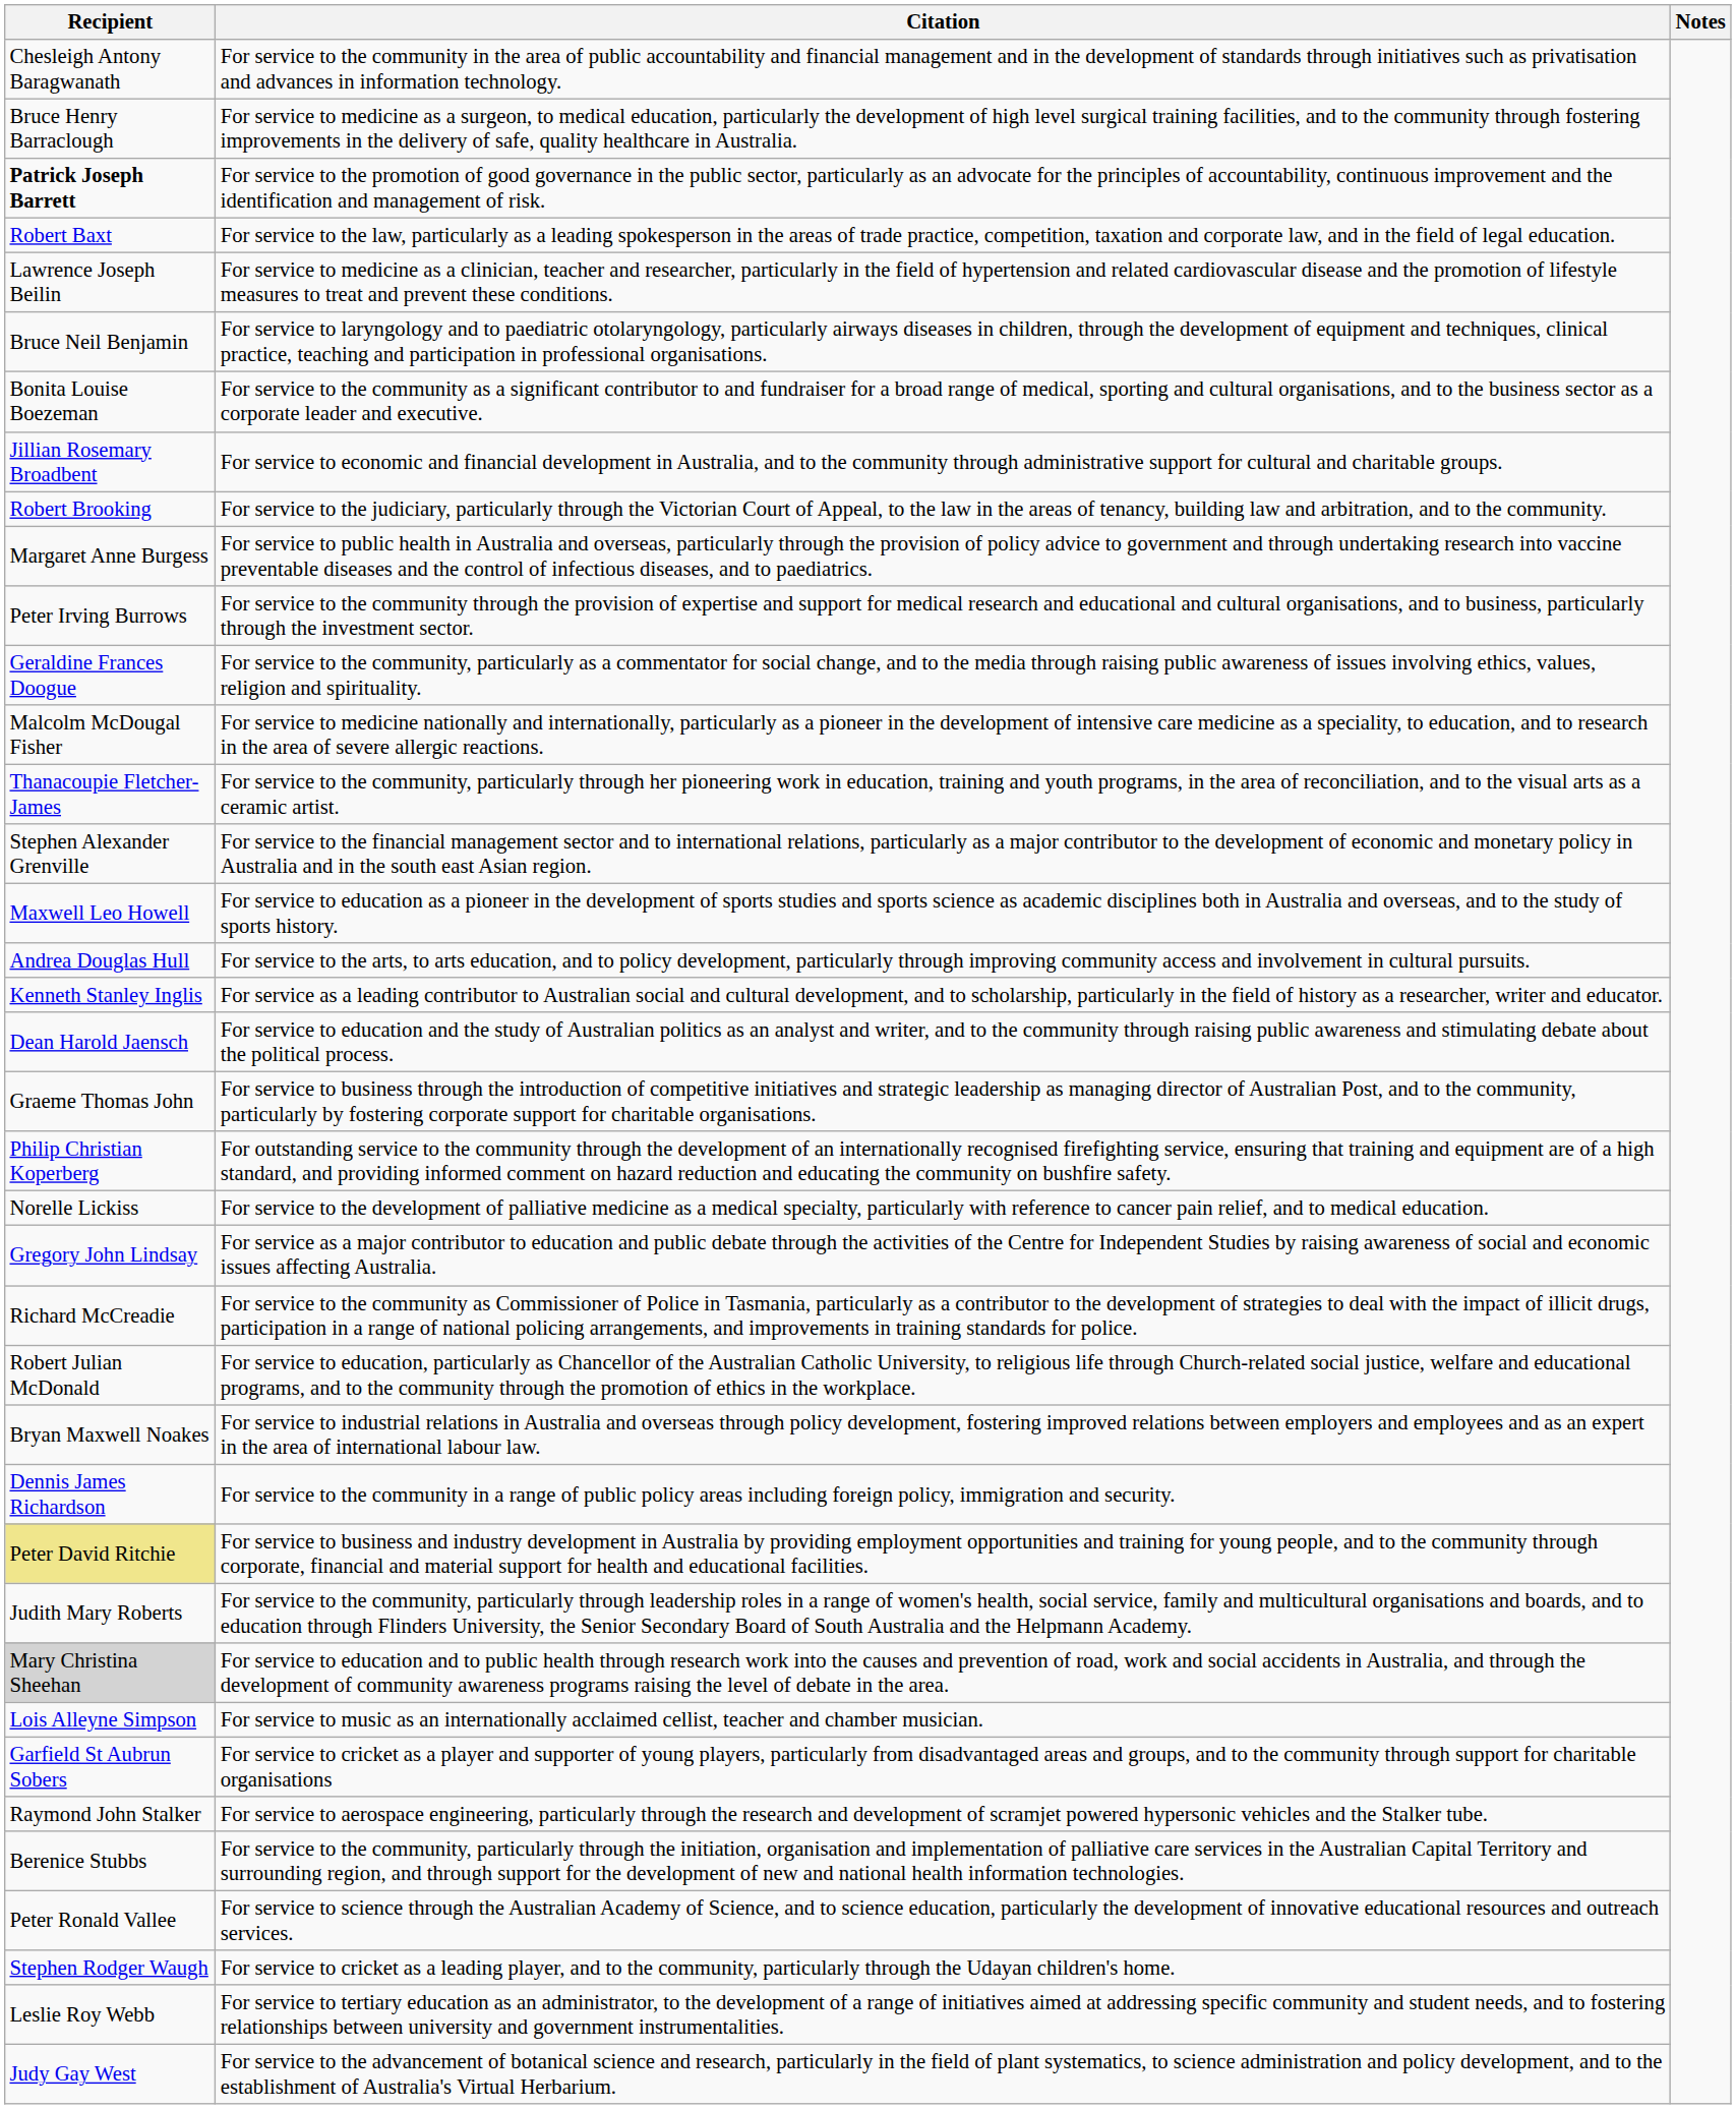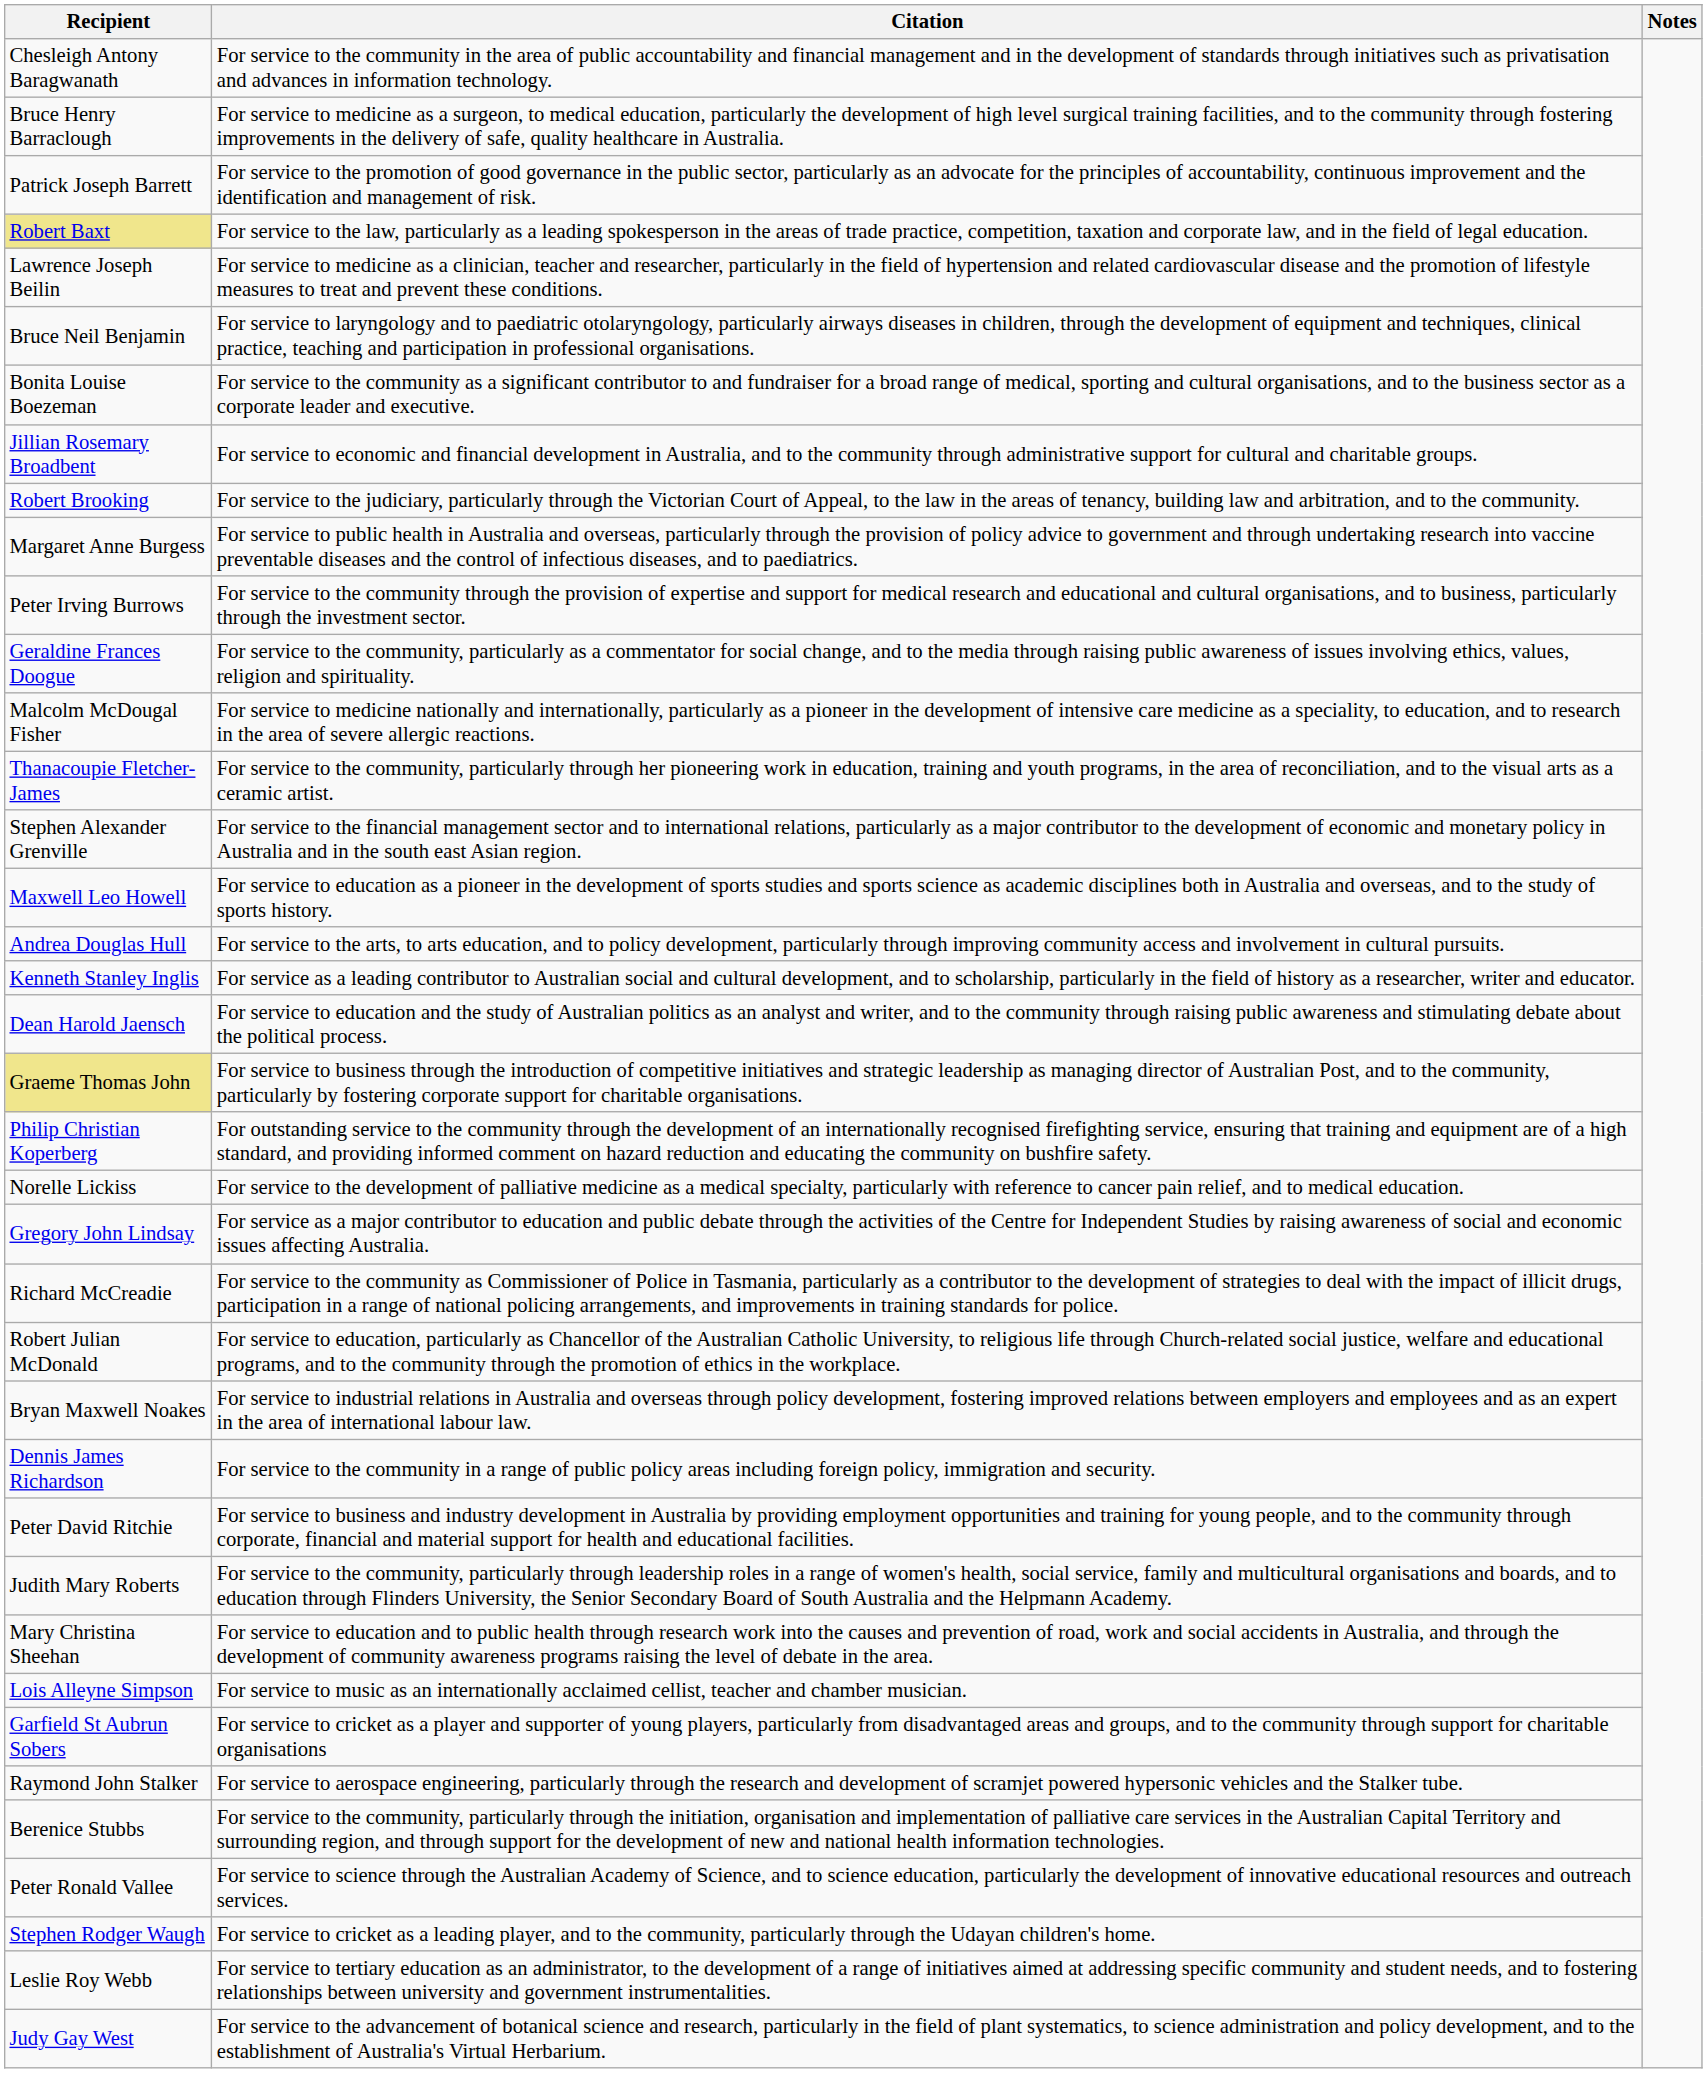 <table class="wikitable" style="font-size:95%;">
 <tr>
 <th>Recipient</th>
 <th>Citation</th>
 <th>Notes</th>
 </tr>
 <tr>
 <td>Chesleigh Antony Baragwanath</td>
 <td>For service to the community in the area of public accountability and financial management and in the development of standards through initiatives such as privatisation and advances in information technology.</td>
 <td rowspan=38></td>
 </tr>
 <tr>
 <td> Bruce Henry Barraclough</td>
 <td>For service to medicine as a surgeon, to medical education, particularly the development of high level surgical training facilities, and to the community through fostering improvements in the delivery of safe, quality healthcare in Australia.</td>
 </tr>
 <tr>
-<td><strong>Patrick Joseph Barrett</strong></td>
+<td>Patrick Joseph Barrett</td>
 <td>For service to the promotion of good governance in the public sector, particularly as an advocate for the principles of accountability, continuous improvement and the identification and management of risk.</td>
 </tr>
 <tr>
-<td> <a href='#'>Robert Baxt</a></td>
+<td style="background: khaki;"> <a href='#'>Robert Baxt</a></td>
 <td>For service to the law, particularly as a leading spokesperson in the areas of trade practice, competition, taxation and corporate law, and in the field of legal education.</td>
 </tr>
 <tr>
 <td> Lawrence Joseph Beilin</td>
 <td>For service to medicine as a clinician, teacher and researcher, particularly in the field of hypertension and related cardiovascular disease and the promotion of lifestyle measures to treat and prevent these conditions.</td>
 </tr>
 <tr>
 <td> Bruce Neil Benjamin</td>
 <td>For service to laryngology and to paediatric otolaryngology, particularly airways diseases in children, through the development of equipment and techniques, clinical practice, teaching and participation in professional organisations.</td>
 </tr>
 <tr>
 <td>Bonita Louise Boezeman</td>
 <td>For service to the community as a significant contributor to and fundraiser for a broad range of medical, sporting and cultural organisations, and to the business sector as a corporate leader and executive.</td>
 </tr>
 <tr>
 <td><a href='#'>Jillian Rosemary Broadbent</a></td>
 <td>For service to economic and financial development in Australia, and to the community through administrative support for cultural and charitable groups.</td>
 </tr>
 <tr>
 <td> <a href='#'>Robert Brooking</a></td>
 <td>For service to the judiciary, particularly through the Victorian Court of Appeal, to the law in the areas of tenancy, building law and arbitration, and to the community.</td>
 </tr>
 <tr>
 <td> Margaret Anne Burgess</td>
 <td>For service to public health in Australia and overseas, particularly through the provision of policy advice to government and through undertaking research into vaccine preventable diseases and the control of infectious diseases, and to paediatrics.</td>
 </tr>
 <tr>
 <td>Peter Irving Burrows</td>
 <td>For service to the community through the provision of expertise and support for medical research and educational and cultural organisations, and to business, particularly through the investment sector.</td>
 </tr>
 <tr>
 <td><a href='#'>Geraldine Frances Doogue</a></td>
 <td>For service to the community, particularly as a commentator for social change, and to the media through raising public awareness of issues involving ethics, values, religion and spirituality.</td>
 </tr>
 <tr>
 <td> Malcolm McDougal Fisher</td>
 <td>For service to medicine nationally and internationally, particularly as a pioneer in the development of intensive care medicine as a speciality, to education, and to research in the area of severe allergic reactions.</td>
 </tr>
 <tr>
 <td> <a href='#'>Thanacoupie Fletcher-James</a></td>
 <td>For service to the community, particularly through her pioneering work in education, training and youth programs, in the area of reconciliation, and to the visual arts as a ceramic artist.</td>
 </tr>
 <tr>
 <td> Stephen Alexander Grenville</td>
 <td>For service to the financial management sector and to international relations, particularly as a major contributor to the development of economic and monetary policy in Australia and in the south east Asian region.</td>
 </tr>
 <tr>
 <td> <a href='#'>Maxwell Leo Howell</a></td>
 <td>For service to education as a pioneer in the development of sports studies and sports science as academic disciplines both in Australia and overseas, and to the study of sports history.</td>
 </tr>
 <tr>
 <td> <a href='#'>Andrea Douglas Hull</a></td>
 <td>For service to the arts, to arts education, and to policy development, particularly through improving community access and involvement in cultural pursuits.</td>
 </tr>
 <tr>
 <td> <a href='#'>Kenneth Stanley Inglis</a></td>
 <td>For service as a leading contributor to Australian social and cultural development, and to scholarship, particularly in the field of history as a researcher, writer and educator.</td>
 </tr>
 <tr>
 <td> <a href='#'>Dean Harold Jaensch</a></td>
 <td>For service to education and the study of Australian politics as an analyst and writer, and to the community through raising public awareness and stimulating debate about the political process.</td>
 </tr>
 <tr>
-<td>Graeme Thomas John</td>
+<td style="background: khaki;">Graeme Thomas John</td>
 <td>For service to business through the introduction of competitive initiatives and strategic leadership as managing director of Australian Post, and to the community, particularly by fostering corporate support for charitable organisations.</td>
 </tr>
 <tr>
 <td> <a href='#'>Philip Christian Koperberg</a></td>
 <td>For outstanding service to the community through the development of an internationally recognised firefighting service, ensuring that training and equipment are of a high standard, and providing informed comment on hazard reduction and educating the community on bushfire safety.</td>
 </tr>
 <tr>
 <td> Norelle Lickiss</td>
 <td>For service to the development of palliative medicine as a medical specialty, particularly with reference to cancer pain relief, and to medical education.</td>
 </tr>
 <tr>
 <td><a href='#'>Gregory John Lindsay</a></td>
 <td>For service as a major contributor to education and public debate through the activities of the Centre for Independent Studies by raising awareness of social and economic issues affecting Australia.</td>
 </tr>
 <tr>
 <td> Richard McCreadie</td>
 <td>For service to the community as Commissioner of Police in Tasmania, particularly as a contributor to the development of strategies to deal with the impact of illicit drugs, participation in a range of national policing arrangements, and improvements in training standards for police.</td>
 </tr>
 <tr>
 <td> Robert Julian McDonald</td>
 <td>For service to education, particularly as Chancellor of the Australian Catholic University, to religious life through Church-related social justice, welfare and educational programs, and to the community through the promotion of ethics in the workplace.</td>
 </tr>
 <tr>
 <td>Bryan Maxwell Noakes</td>
 <td>For service to industrial relations in Australia and overseas through policy development, fostering improved relations between employers and employees and as an expert in the area of international labour law.</td>
 </tr>
 <tr>
 <td><a href='#'>Dennis James Richardson</a></td>
 <td>For service to the community in a range of public policy areas including foreign policy, immigration and security.</td>
 </tr>
 <tr>
-<td style="background: khaki;">Peter David Ritchie</td>
+<td>Peter David Ritchie</td>
 <td>For service to business and industry development in Australia by providing employment opportunities and training for young people, and to the community through corporate, financial and material support for health and educational facilities.</td>
 </tr>
 <tr>
 <td>Judith Mary Roberts</td>
 <td>For service to the community, particularly through leadership roles in a range of women's health, social service, family and multicultural organisations and boards, and to education through Flinders University, the Senior Secondary Board of South Australia and the Helpmann Academy.</td>
 </tr>
 <tr>
-<td style="background: lightgrey;"> Mary Christina Sheehan</td>
+<td> Mary Christina Sheehan</td>
 <td>For service to education and to public health through research work into the causes and prevention of road, work and social accidents in Australia, and through the development of community awareness programs raising the level of debate in the area.</td>
 </tr>
 <tr>
 <td><a href='#'>Lois Alleyne Simpson</a></td>
 <td>For service to music as an internationally acclaimed cellist, teacher and chamber musician.</td>
 </tr>
 <tr>
 <td> <a href='#'>Garfield St Aubrun Sobers</a></td>
 <td>For service to cricket as a player and supporter of young players, particularly from disadvantaged areas and groups, and to the community through support for charitable organisations</td>
 </tr>
 <tr>
 <td> Raymond John Stalker</td>
 <td>For service to aerospace engineering, particularly through the research and development of scramjet powered hypersonic vehicles and the Stalker tube.</td>
 </tr>
 <tr>
 <td> Berenice Stubbs</td>
 <td>For service to the community, particularly through the initiation, organisation and implementation of palliative care services in the Australian Capital Territory and surrounding region, and through support for the development of new and national health information technologies.</td>
 </tr>
 <tr>
 <td>Peter Ronald Vallee</td>
 <td>For service to science through the Australian Academy of Science, and to science education, particularly the development of innovative educational resources and outreach services.</td>
 </tr>
 <tr>
 <td><a href='#'>Stephen Rodger Waugh</a></td>
 <td>For service to cricket as a leading player, and to the community, particularly through the Udayan children's home.</td>
 </tr>
 <tr>
 <td> Leslie Roy Webb</td>
 <td>For service to tertiary education as an administrator, to the development of a range of initiatives aimed at addressing specific community and student needs, and to fostering relationships between university and government instrumentalities.</td>
 </tr>
 <tr>
 <td> <a href='#'>Judy Gay West</a></td>
 <td>For service to the advancement of botanical science and research, particularly in the field of plant systematics, to science administration and policy development, and to the establishment of Australia's Virtual Herbarium.</td>
 </tr>
 </table>
